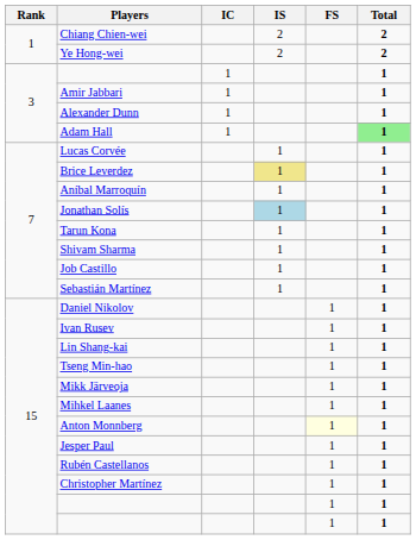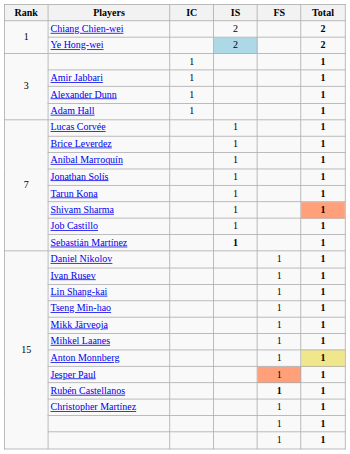 <table class="wikitable" style="font-size:80%; text-align:center">
 <tr>
 <th width="50">Rank</th>
 <th width="150">Players</th>
 <th width="50">IC</th>
 <th width="50">IS</th>
 <th width="50">FS</th>
 <th width="50">Total</th>
 </tr>
 <tr>
 <td rowspan="2">1</td>
 <td align="left"> <a href='#'>Chiang Chien-wei</a></td>
 <td></td>
 <td>2</td>
 <td></td>
 <td><strong>2</strong></td>
 </tr>
 <tr>
 <td align="left"> <a href='#'>Ye Hong-wei</a></td>
 <td></td>
-<td>2</td>
+<td style="background: lightblue;">2</td>
 <td></td>
 <td><strong>2</strong></td>
 </tr>
 <tr>
 <td rowspan="4">3</td>
 <td align="left"> </td>
 <td>1</td>
 <td></td>
 <td></td>
 <td><strong>1</strong></td>
 </tr>
 <tr>
 <td align="left"> <a href='#'>Amir Jabbari</a></td>
 <td>1</td>
 <td></td>
 <td></td>
 <td><strong>1</strong></td>
 </tr>
 <tr>
 <td align="left"> <a href='#'>Alexander Dunn</a></td>
 <td>1</td>
 <td></td>
 <td></td>
 <td><strong>1</strong></td>
 </tr>
 <tr>
 <td align="left"> <a href='#'>Adam Hall</a></td>
 <td>1</td>
 <td></td>
 <td></td>
-<td style="background: lightgreen;"><strong>1</strong></td>
+<td><strong>1</strong></td>
 </tr>
 <tr>
 <td rowspan="8">7</td>
 <td align="left"> <a href='#'>Lucas Corvée</a></td>
 <td></td>
 <td>1</td>
 <td></td>
 <td><strong>1</strong></td>
 </tr>
 <tr>
 <td align="left"> <a href='#'>Brice Leverdez</a></td>
 <td></td>
-<td style="background: khaki;">1</td>
+<td>1</td>
 <td></td>
 <td><strong>1</strong></td>
 </tr>
 <tr>
 <td align="left"> <a href='#'>Aníbal Marroquín</a></td>
 <td></td>
 <td>1</td>
 <td></td>
 <td><strong>1</strong></td>
 </tr>
 <tr>
 <td align="left"> <a href='#'>Jonathan Solís</a></td>
 <td></td>
-<td style="background: lightblue;">1</td>
+<td>1</td>
 <td></td>
 <td><strong>1</strong></td>
 </tr>
 <tr>
 <td align="left"> <a href='#'>Tarun Kona</a></td>
 <td></td>
 <td>1</td>
 <td></td>
 <td><strong>1</strong></td>
 </tr>
 <tr>
 <td align="left"> <a href='#'>Shivam Sharma</a></td>
 <td></td>
 <td>1</td>
 <td></td>
-<td><strong>1</strong></td>
+<td style="background: lightsalmon;"><strong>1</strong></td>
 </tr>
 <tr>
 <td align="left"> <a href='#'>Job Castillo</a></td>
 <td></td>
 <td>1</td>
 <td></td>
 <td><strong>1</strong></td>
 </tr>
 <tr>
 <td align="left"> <a href='#'>Sebastián Martínez</a></td>
 <td></td>
-<td>1</td>
+<td><strong>1</strong></td>
 <td></td>
 <td><strong>1</strong></td>
 </tr>
 <tr>
 <td rowspan="12">15</td>
 <td align="left"> <a href='#'>Daniel Nikolov</a></td>
 <td></td>
 <td></td>
 <td>1</td>
 <td><strong>1</strong></td>
 </tr>
 <tr>
 <td align="left"> <a href='#'>Ivan Rusev</a></td>
 <td></td>
 <td></td>
 <td>1</td>
 <td><strong>1</strong></td>
 </tr>
 <tr>
 <td align="left"> <a href='#'>Lin Shang-kai</a></td>
 <td></td>
 <td></td>
 <td>1</td>
 <td><strong>1</strong></td>
 </tr>
 <tr>
 <td align="left"> <a href='#'>Tseng Min-hao</a></td>
 <td></td>
 <td></td>
 <td>1</td>
 <td><strong>1</strong></td>
 </tr>
 <tr>
 <td align="left"> <a href='#'>Mikk Järveoja</a></td>
 <td></td>
 <td></td>
 <td>1</td>
 <td><strong>1</strong></td>
 </tr>
 <tr>
 <td align="left"> <a href='#'>Mihkel Laanes</a></td>
 <td></td>
 <td></td>
 <td>1</td>
 <td><strong>1</strong></td>
 </tr>
 <tr>
 <td align="left"> <a href='#'>Anton Monnberg</a></td>
 <td></td>
 <td></td>
-<td style="background: lightyellow;">1</td>
-<td><strong>1</strong></td>
+<td>1</td>
+<td style="background: khaki;"><strong>1</strong></td>
 </tr>
 <tr>
 <td align="left"> <a href='#'>Jesper Paul</a></td>
 <td></td>
 <td></td>
-<td>1</td>
+<td style="background: lightsalmon;">1</td>
 <td><strong>1</strong></td>
 </tr>
 <tr>
 <td align="left"> <a href='#'>Rubén Castellanos</a></td>
 <td></td>
 <td></td>
-<td>1</td>
+<td><strong>1</strong></td>
 <td><strong>1</strong></td>
 </tr>
 <tr>
 <td align="left"> <a href='#'>Christopher Martínez</a></td>
 <td></td>
 <td></td>
 <td>1</td>
 <td><strong>1</strong></td>
 </tr>
 <tr>
 <td align="left"> </td>
 <td></td>
 <td></td>
 <td>1</td>
 <td><strong>1</strong></td>
 </tr>
 <tr>
 <td align="left"></td>
 <td></td>
 <td></td>
 <td>1</td>
 <td><strong>1</strong></td>
 </tr>
 </table>
